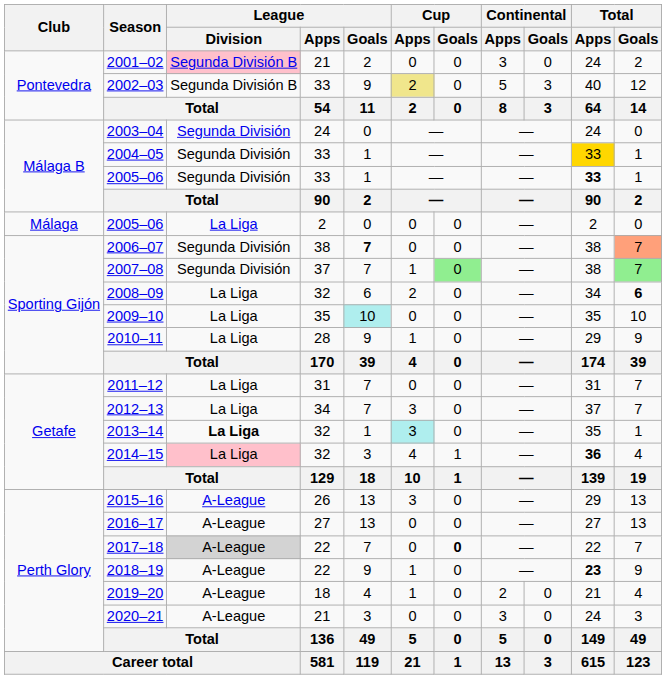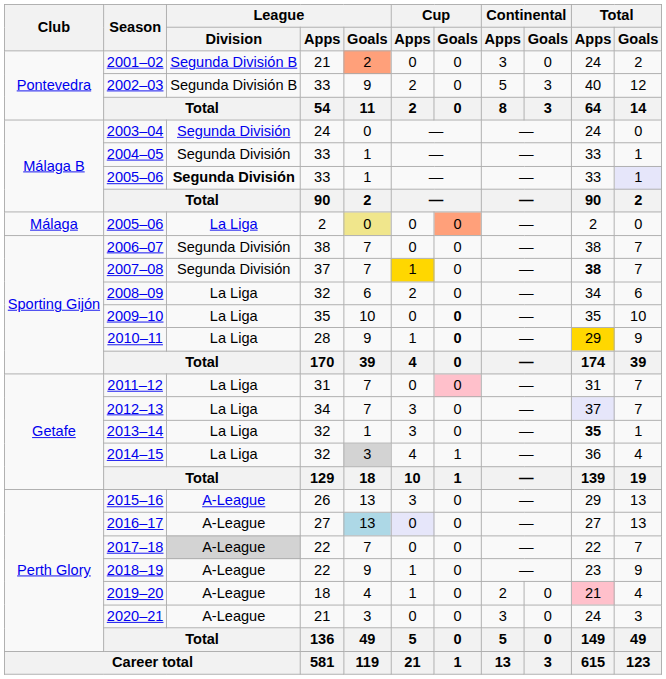 <table class="wikitable" style="text-align:center">
 <tr>
 <th rowspan="2">Club</th>
 <th rowspan="2">Season</th>
 <th colspan="3">League</th>
 <th colspan="2">Cup</th>
 <th colspan="2">Continental</th>
 <th colspan="2">Total</th>
 </tr>
 <tr>
 <th>Division</th>
 <th>Apps</th>
 <th>Goals</th>
 <th>Apps</th>
 <th>Goals</th>
 <th>Apps</th>
 <th>Goals</th>
 <th>Apps</th>
 <th>Goals</th>
 </tr>
 <tr>
 <td rowspan="3"><a href='#'>Pontevedra</a></td>
 <td><a href='#'>2001–02</a></td>
-<td style="background: pink;"><a href='#'>Segunda División B</a></td>
+<td><a href='#'>Segunda División B</a></td>
 <td>21</td>
-<td>2</td>
+<td style="background: lightsalmon;">2</td>
 <td>0</td>
 <td>0</td>
 <td>3</td>
 <td>0</td>
 <td>24</td>
 <td>2</td>
 </tr>
 <tr>
 <td><a href='#'>2002–03</a></td>
 <td>Segunda División B</td>
 <td>33</td>
 <td>9</td>
-<td style="background: khaki;">2</td>
+<td>2</td>
 <td>0</td>
 <td>5</td>
 <td>3</td>
 <td>40</td>
 <td>12</td>
 </tr>
 <tr>
 <th colspan="2">Total</th>
 <th>54</th>
 <th>11</th>
 <th>2</th>
 <th>0</th>
 <th>8</th>
 <th>3</th>
 <th>64</th>
 <th>14</th>
 </tr>
 <tr>
 <td rowspan="4"><a href='#'>Málaga B</a></td>
 <td><a href='#'>2003–04</a></td>
 <td><a href='#'>Segunda División</a></td>
 <td>24</td>
 <td>0</td>
 <td colspan="2">—</td>
 <td colspan="2">—</td>
 <td>24</td>
 <td>0</td>
 </tr>
 <tr>
 <td><a href='#'>2004–05</a></td>
 <td>Segunda División</td>
 <td>33</td>
 <td>1</td>
 <td colspan="2">—</td>
 <td colspan="2">—</td>
-<td style="background: gold;">33</td>
+<td>33</td>
 <td>1</td>
 </tr>
 <tr>
 <td><a href='#'>2005–06</a></td>
-<td>Segunda División</td>
+<td><strong>Segunda División</strong></td>
 <td>33</td>
 <td>1</td>
 <td colspan="2">—</td>
 <td colspan="2">—</td>
-<td><strong>33</strong></td>
-<td>1</td>
+<td>33</td>
+<td style="background: lavender;">1</td>
 </tr>
 <tr>
 <th colspan="2">Total</th>
 <th>90</th>
 <th>2</th>
 <th colspan="2">—</th>
 <th colspan="2">—</th>
 <th>90</th>
 <th>2</th>
 </tr>
 <tr>
 <td rowspan="1"><a href='#'>Málaga</a></td>
 <td><a href='#'>2005–06</a></td>
 <td><a href='#'>La Liga</a></td>
 <td>2</td>
+<td style="background: khaki;">0</td>
 <td>0</td>
-<td>0</td>
-<td>0</td>
+<td style="background: lightsalmon;">0</td>
 <td colspan="2">—</td>
 <td>2</td>
 <td>0</td>
 </tr>
 <tr>
 <td rowspan="6"><a href='#'>Sporting Gijón</a></td>
 <td><a href='#'>2006–07</a></td>
 <td>Segunda División</td>
 <td>38</td>
-<td><strong>7</strong></td>
+<td>7</td>
 <td>0</td>
 <td>0</td>
 <td colspan="2">—</td>
 <td>38</td>
-<td style="background: lightsalmon;">7</td>
+<td>7</td>
 </tr>
 <tr>
 <td><a href='#'>2007–08</a></td>
 <td>Segunda División</td>
 <td>37</td>
 <td>7</td>
-<td>1</td>
-<td style="background: lightgreen;">0</td>
+<td style="background: gold;">1</td>
+<td>0</td>
 <td colspan="2">—</td>
-<td>38</td>
-<td style="background: lightgreen;">7</td>
+<td><strong>38</strong></td>
+<td>7</td>
 </tr>
 <tr>
 <td><a href='#'>2008–09</a></td>
 <td>La Liga</td>
 <td>32</td>
 <td>6</td>
 <td>2</td>
 <td>0</td>
 <td colspan="2">—</td>
 <td>34</td>
-<td><strong>6</strong></td>
+<td>6</td>
 </tr>
 <tr>
 <td><a href='#'>2009–10</a></td>
 <td>La Liga</td>
 <td>35</td>
-<td style="background: paleturquoise;">10</td>
+<td>10</td>
 <td>0</td>
-<td>0</td>
+<td><strong>0</strong></td>
 <td colspan="2">—</td>
 <td>35</td>
 <td>10</td>
 </tr>
 <tr>
 <td><a href='#'>2010–11</a></td>
 <td>La Liga</td>
 <td>28</td>
 <td>9</td>
 <td>1</td>
-<td>0</td>
+<td><strong>0</strong></td>
 <td colspan="2">—</td>
-<td>29</td>
+<td style="background: gold;">29</td>
 <td>9</td>
 </tr>
 <tr>
 <th colspan="2">Total</th>
 <th>170</th>
 <th>39</th>
 <th>4</th>
 <th>0</th>
 <th colspan="2">—</th>
 <th>174</th>
 <th>39</th>
 </tr>
 <tr>
 <td rowspan="5"><a href='#'>Getafe</a></td>
 <td><a href='#'>2011–12</a></td>
 <td>La Liga</td>
 <td>31</td>
 <td>7</td>
 <td>0</td>
-<td>0</td>
+<td style="background: pink;">0</td>
 <td colspan="2">—</td>
 <td>31</td>
 <td>7</td>
 </tr>
 <tr>
 <td><a href='#'>2012–13</a></td>
 <td>La Liga</td>
 <td>34</td>
 <td>7</td>
 <td>3</td>
 <td>0</td>
 <td colspan="2">—</td>
-<td>37</td>
+<td style="background: lavender;">37</td>
 <td>7</td>
 </tr>
 <tr>
 <td><a href='#'>2013–14</a></td>
-<td><strong>La Liga</strong></td>
+<td>La Liga</td>
 <td>32</td>
 <td>1</td>
-<td style="background: paleturquoise;">3</td>
+<td>3</td>
 <td>0</td>
 <td colspan="2">—</td>
-<td>35</td>
+<td><strong>35</strong></td>
 <td>1</td>
 </tr>
 <tr>
 <td><a href='#'>2014–15</a></td>
-<td style="background: pink;">La Liga</td>
+<td>La Liga</td>
 <td>32</td>
-<td>3</td>
+<td style="background: lightgrey;">3</td>
 <td>4</td>
 <td>1</td>
 <td colspan="2">—</td>
-<td><strong>36</strong></td>
+<td>36</td>
 <td>4</td>
 </tr>
 <tr>
 <th colspan="2">Total</th>
 <th>129</th>
 <th>18</th>
 <th>10</th>
 <th>1</th>
 <th colspan="2">—</th>
 <th>139</th>
 <th>19</th>
 </tr>
 <tr>
 <td rowspan="7"><a href='#'>Perth Glory</a></td>
 <td><a href='#'>2015–16</a></td>
 <td><a href='#'>A-League</a></td>
 <td>26</td>
 <td>13</td>
 <td>3</td>
 <td>0</td>
 <td colspan="2">—</td>
 <td>29</td>
 <td>13</td>
 </tr>
 <tr>
 <td><a href='#'>2016–17</a></td>
 <td>A-League</td>
 <td>27</td>
-<td>13</td>
-<td>0</td>
+<td style="background: lightblue;">13</td>
+<td style="background: lavender;">0</td>
 <td>0</td>
 <td colspan="2">—</td>
 <td>27</td>
 <td>13</td>
 </tr>
 <tr>
 <td><a href='#'>2017–18</a></td>
 <td style="background: lightgrey;">A-League</td>
 <td>22</td>
 <td>7</td>
 <td>0</td>
-<td><strong>0</strong></td>
+<td>0</td>
 <td colspan="2">—</td>
 <td>22</td>
 <td>7</td>
 </tr>
 <tr>
 <td><a href='#'>2018–19</a></td>
 <td>A-League</td>
 <td>22</td>
 <td>9</td>
 <td>1</td>
 <td>0</td>
 <td colspan="2">—</td>
-<td><strong>23</strong></td>
+<td>23</td>
 <td>9</td>
 </tr>
 <tr>
 <td><a href='#'>2019–20</a></td>
 <td>A-League</td>
 <td>18</td>
 <td>4</td>
 <td>1</td>
 <td>0</td>
 <td>2</td>
 <td>0</td>
-<td>21</td>
+<td style="background: pink;">21</td>
 <td>4</td>
 </tr>
 <tr>
 <td><a href='#'>2020–21</a></td>
 <td>A-League</td>
 <td>21</td>
 <td>3</td>
 <td>0</td>
 <td>0</td>
 <td>3</td>
 <td>0</td>
 <td>24</td>
 <td>3</td>
 </tr>
 <tr>
 <th colspan="2">Total</th>
 <th>136</th>
 <th>49</th>
 <th>5</th>
 <th>0</th>
 <th>5</th>
 <th>0</th>
 <th>149</th>
 <th>49</th>
 </tr>
 <tr>
 <th colspan="3">Career total</th>
 <th>581</th>
 <th>119</th>
 <th>21</th>
 <th>1</th>
 <th>13</th>
 <th>3</th>
 <th>615</th>
 <th>123</th>
 </tr>
 </table>
